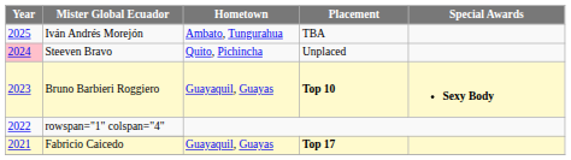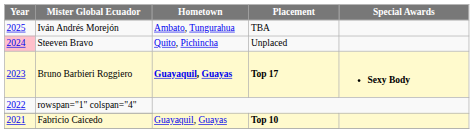 <table class="wikitable" sortable" style="font-size: 90%">
 <tr>
 <th width="40" style="background-color:#787878;color:#FFFFFF;">Year</th>
 <th width="170" style="background-color:#787878;color:#FFFFFF;">Mister Global Ecuador</th>
 <th width="140" style="background-color:#787878;color:#FFFFFF;">Hometown</th>
 <th width="130" style="background-color:#787878;color:#FFFFFF;">Placement</th>
 <th width="190" style="background-color:#787878;color:#FFFFFF;">Special Awards</th>
 </tr>
 <tr>
 <td><a href='#'>2025</a></td>
 <td>Iván Andrés Morejón</td>
 <td><a href='#'>Ambato</a>, <a href='#'>Tungurahua</a></td>
 <td>TBA</td>
 <td></td>
 </tr>
 <tr>
 <td style="background: pink;"><a href='#'>2024</a></td>
 <td>Steeven Bravo</td>
 <td><a href='#'>Quito</a>, <a href='#'>Pichincha</a></td>
 <td>Unplaced</td>
 <td></td>
 </tr>
 <tr style="background-color:#FFFACD;">
 <td><a href='#'>2023</a></td>
 <td>Bruno Barbieri Roggiero</td>
-<td><a href='#'>Guayaquil</a>, <a href='#'>Guayas</a></td>
-<td><strong>Top 10</strong></td>
+<td><strong><a href='#'>Guayaquil</a>, <a href='#'>Guayas</a></strong></td>
+<td><strong>Top 17</strong></td>
 <td><br><ul><li><strong>Sexy Body</strong></li></ul></td>
 </tr>
 <tr>
 <td><a href='#'>2022</a></td>
 <td>rowspan="1" colspan="4" </td>
 </tr>
 <tr>
 </tr>
 <tr style="background-color:#FFFACD;">
 <td><a href='#'>2021</a></td>
 <td>Fabricio Caicedo</td>
 <td><a href='#'>Guayaquil</a>, <a href='#'>Guayas</a></td>
-<td><strong>Top 17</strong></td>
+<td><strong>Top 10</strong></td>
 <td></td>
 </tr>
 <tr>
 </tr>
 </table>
